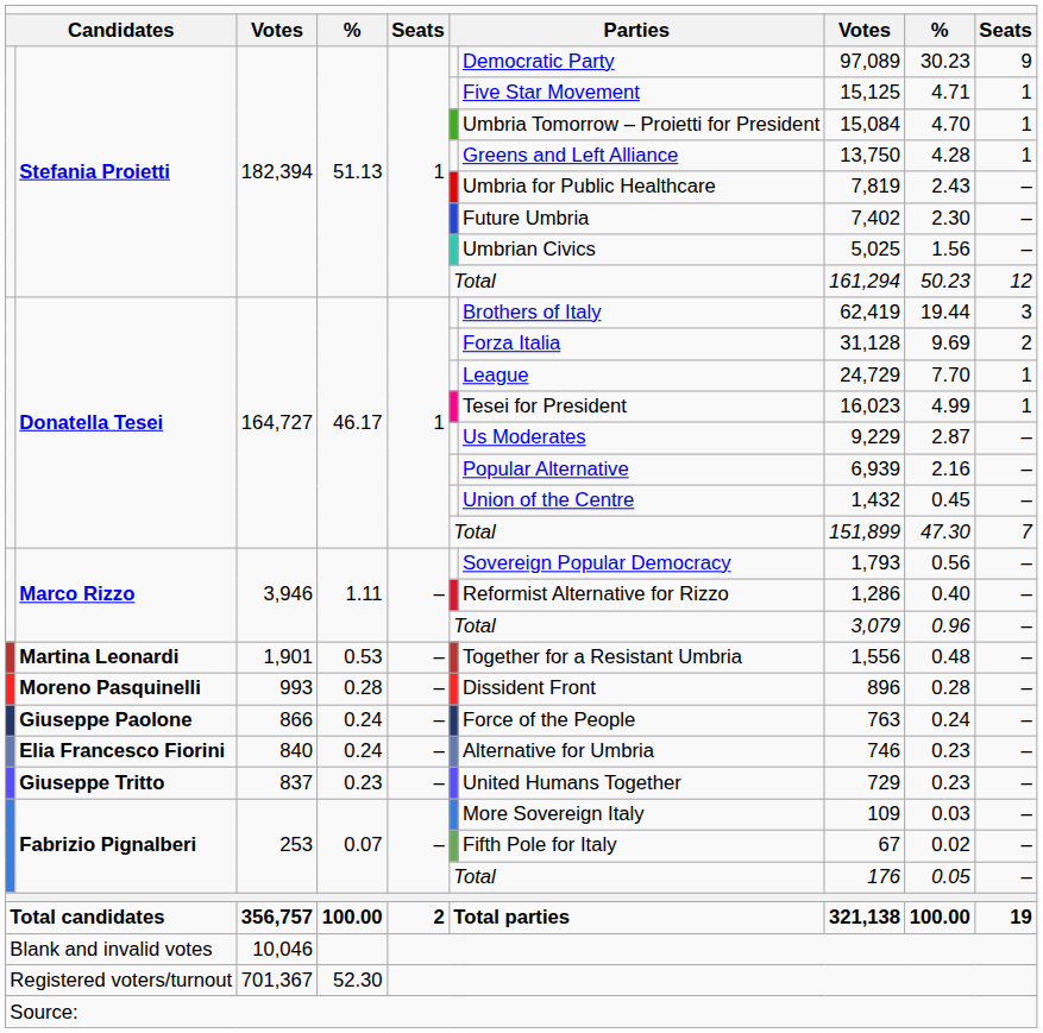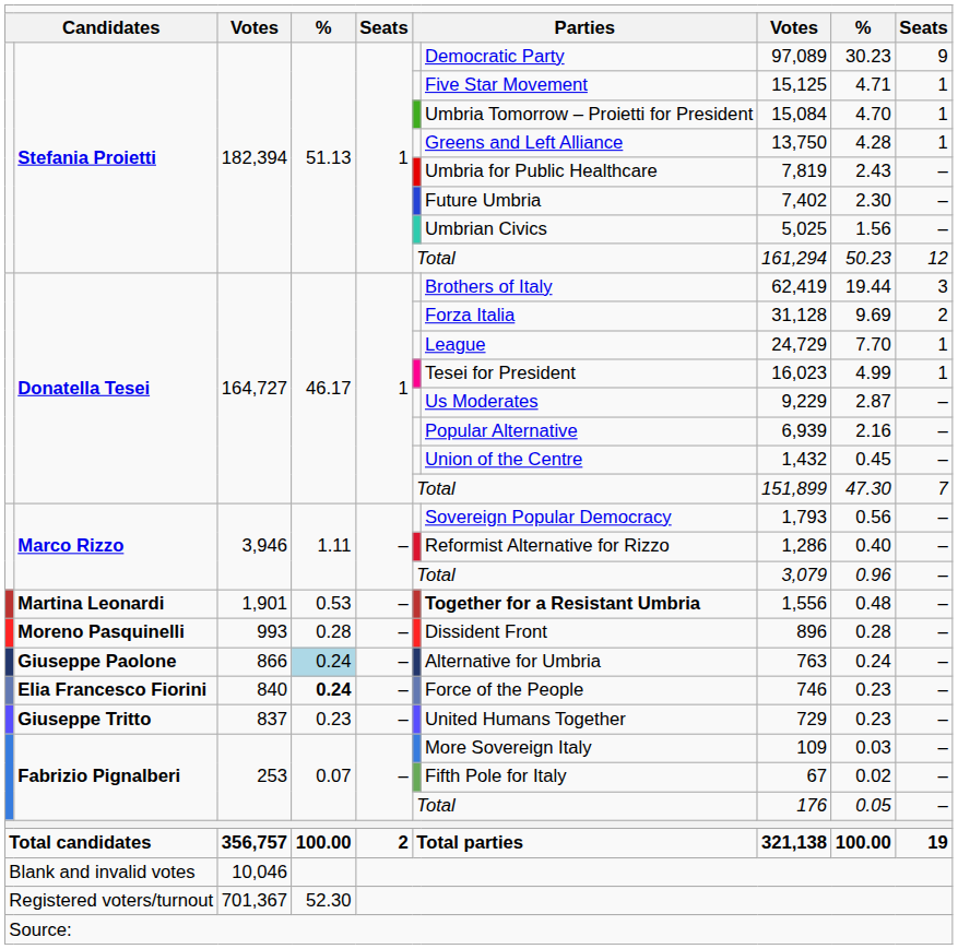 <table class="wikitable">
 <tr>
 <td colspan="10" style="text-align:center"></td>
 </tr>
 <tr>
 <th colspan=2>Candidates</th>
 <th>Votes</th>
 <th>%</th>
 <th>Seats</th>
 <th colspan=2>Parties</th>
 <th>Votes</th>
 <th>%</th>
 <th>Seats</th>
 </tr>
 <tr>
 <td rowspan=8></td>
 <td rowspan=8><strong><a href='#'>Stefania Proietti</a></strong></td>
 <td rowspan="8" align=right>182,394</td>
 <td rowspan="8" align=right>51.13</td>
 <td rowspan="8" align=right>1</td>
 <td></td>
 <td><a href='#'>Democratic Party</a></td>
 <td align=right>97,089</td>
 <td align=right>30.23</td>
 <td align=right>9</td>
 </tr>
 <tr>
 <td></td>
 <td><a href='#'>Five Star Movement</a></td>
 <td align=right>15,125</td>
 <td align=right>4.71</td>
 <td align=right>1</td>
 </tr>
 <tr>
 <td bgcolor="#3FAD1E"></td>
 <td>Umbria Tomorrow – Proietti for President</td>
 <td align=right>15,084</td>
 <td align=right>4.70</td>
 <td align=right>1</td>
 </tr>
 <tr>
 <td></td>
 <td><a href='#'>Greens and Left Alliance</a></td>
 <td align=right>13,750</td>
 <td align=right>4.28</td>
 <td align=right>1</td>
 </tr>
 <tr>
 <td bgcolor="#E60000"></td>
 <td>Umbria for Public Healthcare</td>
 <td align=right>7,819</td>
 <td align=right>2.43</td>
 <td align=right>–</td>
 </tr>
 <tr>
 <td bgcolor="#2543D6"></td>
 <td>Future Umbria</td>
 <td align=right>7,402</td>
 <td align=right>2.30</td>
 <td align=right>–</td>
 </tr>
 <tr>
 <td bgcolor="#2ECCAE"></td>
 <td>Umbrian Civics</td>
 <td align=right>5,025</td>
 <td align=right>1.56</td>
 <td align=right>–</td>
 </tr>
 <tr>
 <td colspan=2><em>Total</em></td>
 <td align=right><em>161,294</em></td>
 <td align=right><em>50.23</em></td>
 <td align=right><em>12</em></td>
 </tr>
 <tr>
 <td rowspan=8></td>
 <td rowspan=8><strong><a href='#'>Donatella Tesei</a></strong></td>
 <td rowspan="8" align=right>164,727</td>
 <td rowspan="8" align=right>46.17</td>
 <td rowspan="8" align=right>1</td>
 <td></td>
 <td><a href='#'>Brothers of Italy</a></td>
 <td align=right>62,419</td>
 <td align=right>19.44</td>
 <td align=right>3</td>
 </tr>
 <tr>
 <td></td>
 <td><a href='#'>Forza Italia</a></td>
 <td align=right>31,128</td>
 <td align=right>9.69</td>
 <td align=right>2</td>
 </tr>
 <tr>
 <td></td>
 <td><a href='#'>League</a></td>
 <td align=right>24,729</td>
 <td align=right>7.70</td>
 <td align=right>1</td>
 </tr>
 <tr>
 <td bgcolor="#FF0090"></td>
 <td>Tesei for President</td>
 <td align=right>16,023</td>
 <td align=right>4.99</td>
 <td align=right>1</td>
 </tr>
 <tr>
 <td></td>
 <td><a href='#'>Us Moderates</a></td>
 <td align=right>9,229</td>
 <td align=right>2.87</td>
 <td align=right>–</td>
 </tr>
 <tr>
 <td></td>
 <td><a href='#'>Popular Alternative</a></td>
 <td align=right>6,939</td>
 <td align=right>2.16</td>
 <td align=right>–</td>
 </tr>
 <tr>
 <td></td>
 <td><a href='#'>Union of the Centre</a></td>
 <td align=right>1,432</td>
 <td align=right>0.45</td>
 <td align=right>–</td>
 </tr>
 <tr>
 <td colspan=2><em>Total</em></td>
 <td align=right><em>151,899</em></td>
 <td align=right><em>47.30</em></td>
 <td align=right><em>7</em></td>
 </tr>
 <tr>
 <td rowspan=3 style="background-color:"></td>
 <td rowspan=3><strong><a href='#'>Marco Rizzo</a></strong></td>
 <td rowspan=3 align="right">3,946</td>
 <td rowspan=3 align="right">1.11</td>
 <td rowspan=3 align="right">–</td>
 <td></td>
 <td><a href='#'>Sovereign Popular Democracy</a></td>
 <td align="right">1,793</td>
 <td align="right">0.56</td>
 <td align="right">–</td>
 </tr>
 <tr>
 <td bgcolor="#DC142F"></td>
 <td>Reformist Alternative for Rizzo</td>
 <td align="right">1,286</td>
 <td align="right">0.40</td>
 <td align="right">–</td>
 </tr>
 <tr>
 <td colspan=2><em>Total</em></td>
 <td align=right><em>3,079</em></td>
 <td align=right><em>0.96</em></td>
 <td align=right><em>–</em></td>
 </tr>
 <tr>
 <td bgcolor="#bc3331"></td>
 <td><strong>Martina Leonardi</strong></td>
 <td align="right">1,901</td>
 <td align="right">0.53</td>
 <td align="right">–</td>
 <td bgcolor="#bc3331"></td>
-<td>Together for a Resistant Umbria</td>
+<td><strong>Together for a Resistant Umbria</strong></td>
 <td align="right">1,556</td>
 <td align="right">0.48</td>
 <td align="right">–</td>
 </tr>
 <tr>
 <td bgcolor="#FF2323"></td>
 <td><strong>Moreno Pasquinelli</strong></td>
 <td align="right">993</td>
 <td align="right">0.28</td>
 <td align="right">–</td>
 <td bgcolor="#FF2323"></td>
 <td>Dissident Front</td>
 <td align="right">896</td>
 <td align="right">0.28</td>
 <td align="right">–</td>
 </tr>
 <tr>
 <td bgcolor="#22366b"></td>
 <td><strong>Giuseppe Paolone</strong></td>
 <td align="right">866</td>
-<td align="right">0.24</td>
+<td align="right" style="background: lightblue;">0.24</td>
 <td align="right">–</td>
 <td bgcolor="#22366b"></td>
-<td>Force of the People</td>
+<td>Alternative for Umbria</td>
 <td align="right">763</td>
 <td align="right">0.24</td>
 <td align="right">–</td>
 </tr>
 <tr>
 <td bgcolor="#6379B2"></td>
 <td><strong>Elia Francesco Fiorini</strong></td>
 <td align="right">840</td>
-<td align="right">0.24</td>
+<td align="right"><strong>0.24</strong></td>
 <td align="right">–</td>
 <td bgcolor="#6379B2"></td>
-<td>Alternative for Umbria</td>
+<td>Force of the People</td>
 <td align="right">746</td>
 <td align="right">0.23</td>
 <td align="right">–</td>
 </tr>
 <tr>
 <td bgcolor="#594EFF"></td>
 <td><strong>Giuseppe Tritto</strong></td>
 <td align="right">837</td>
 <td align="right">0.23</td>
 <td align="right">–</td>
 <td bgcolor="#594EFF"></td>
 <td>United Humans Together</td>
 <td align="right">729</td>
 <td align="right">0.23</td>
 <td align="right">–</td>
 </tr>
 <tr>
 <td rowspan=3 style="background-color:#377CDF"></td>
 <td rowspan=3><strong>Fabrizio Pignalberi</strong></td>
 <td rowspan=3 align="right">253</td>
 <td rowspan=3 align="right">0.07</td>
 <td rowspan=3 align="right">–</td>
 <td bgcolor="#377CDF"></td>
 <td>More Sovereign Italy</td>
 <td align="right">109</td>
 <td align="right">0.03</td>
 <td align="right">–</td>
 </tr>
 <tr>
 <td bgcolor="#67AA58"></td>
 <td>Fifth Pole for Italy</td>
 <td align="right">67</td>
 <td align="right">0.02</td>
 <td align="right">–</td>
 </tr>
 <tr>
 <td colspan=2><em>Total</em></td>
 <td align=right><em>176</em></td>
 <td align=right><em>0.05</em></td>
 <td align=right><em>–</em></td>
 </tr>
 <tr>
 <th colspan=10></th>
 </tr>
 <tr>
 <td colspan=2><strong>Total candidates</strong></td>
 <td align=right><strong>356,757</strong></td>
 <td align=right><strong>100.00</strong></td>
 <td align=right><strong>2</strong></td>
 <td colspan=2><strong>Total parties</strong></td>
 <td align=right><strong>321,138</strong></td>
 <td align=right><strong>100.00</strong></td>
 <td align=right><strong>19</strong></td>
 </tr>
 <tr>
 <td colspan=2>Blank and invalid votes</td>
 <td align=right>10,046</td>
 <td align=right></td>
 <td colspan=6></td>
 </tr>
 <tr>
 <td colspan=2>Registered voters/turnout</td>
 <td align=right>701,367</td>
 <td align=right>52.30</td>
 <td colspan=6></td>
 </tr>
 <tr>
 <td colspan=10>Source: </td>
 </tr>
 </table>
